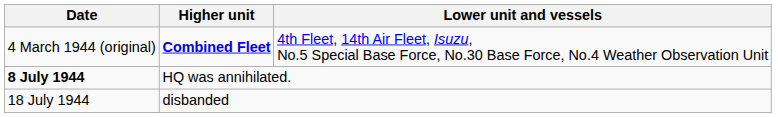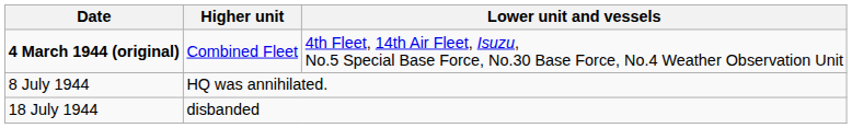 <table class="wikitable">
 <tr>
 <th>Date</th>
 <th>Higher unit</th>
 <th>Lower unit and vessels</th>
 </tr>
 <tr>
-<td>4 March 1944 (original)</td>
-<td><strong><a href='#'>Combined Fleet</a></strong></td>
+<td><strong>4 March 1944 (original)</strong></td>
+<td><a href='#'>Combined Fleet</a></td>
 <td><a href='#'>4th Fleet</a>, <a href='#'>14th Air Fleet</a>, <a href='#'><em>Isuzu</em></a>,<br>No.5 Special Base Force, No.30 Base Force, No.4 Weather Observation Unit</td>
 </tr>
 <tr>
-<td><strong>8 July 1944</strong></td>
+<td>8 July 1944</td>
 <td colspan="2">HQ was annihilated.</td>
 </tr>
 <tr>
 <td>18 July 1944</td>
 <td colspan="2">disbanded</td>
 </tr>
 </table>
